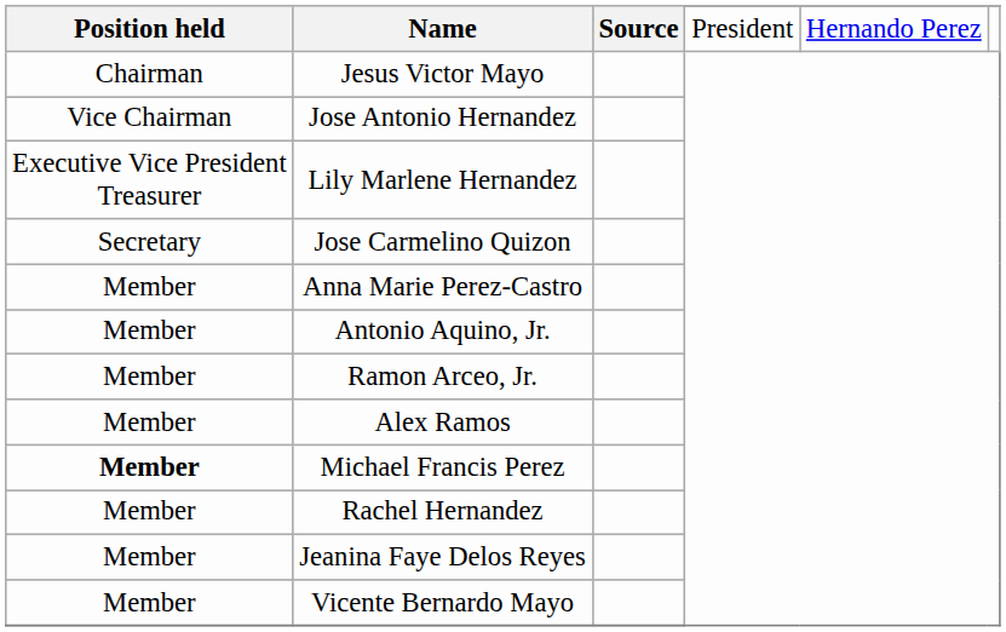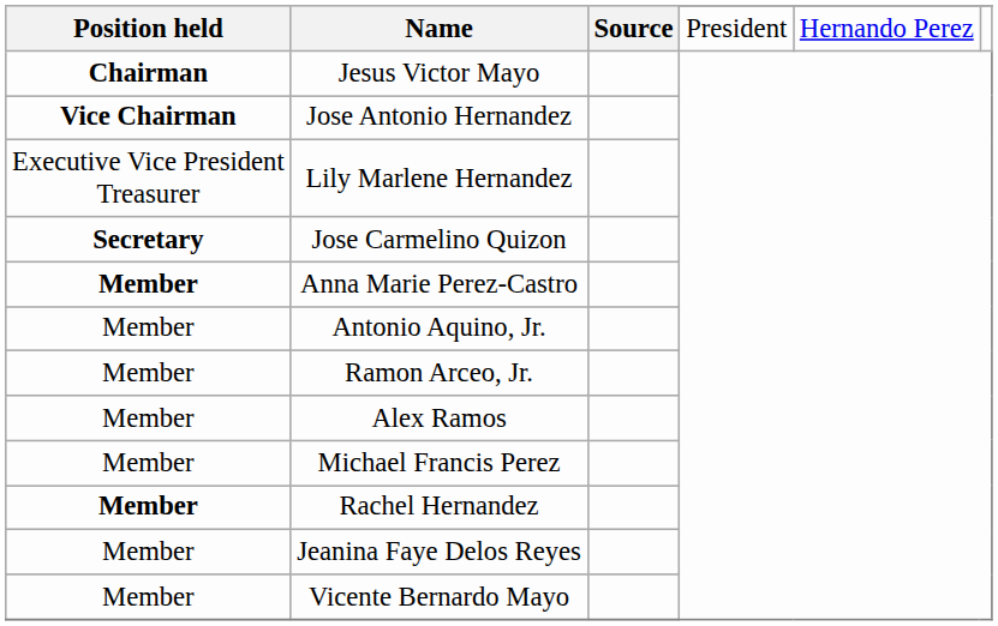 <table class="wikitable sortable" style="background-color:#FDFDFD;text-align:center;font-size:90%;border:1pt solid grey;">
 <tr>
 <th rowspan="2">Position held</th>
 <th rowspan="2">Name</th>
 <th rowspan="2">Source</th>
 </tr>
 <tr>
 <td>President</td>
 <td><a href='#'>Hernando Perez</a></td>
 <td></td>
 </tr>
 <tr>
-<td>Chairman</td>
+<td><strong>Chairman</strong></td>
 <td>Jesus Victor Mayo</td>
 <td></td>
 </tr>
 <tr>
-<td>Vice Chairman</td>
+<td><strong>Vice Chairman</strong></td>
 <td>Jose Antonio Hernandez</td>
 <td></td>
 </tr>
 <tr>
 <td>Executive Vice President <br> Treasurer</td>
 <td>Lily Marlene Hernandez</td>
 <td></td>
 </tr>
 <tr>
-<td>Secretary</td>
+<td><strong>Secretary</strong></td>
 <td>Jose Carmelino Quizon</td>
 <td></td>
 </tr>
 <tr>
-<td>Member</td>
+<td><strong>Member</strong></td>
 <td>Anna Marie Perez-Castro</td>
 <td></td>
 </tr>
 <tr>
 <td>Member</td>
 <td>Antonio Aquino, Jr.</td>
 <td></td>
 </tr>
 <tr>
 <td>Member</td>
 <td>Ramon Arceo, Jr.</td>
 <td></td>
 </tr>
 <tr>
 <td>Member</td>
 <td>Alex Ramos</td>
 <td></td>
 </tr>
 <tr>
-<td><strong>Member</strong></td>
+<td>Member</td>
 <td>Michael Francis Perez</td>
 <td></td>
 </tr>
 <tr>
-<td>Member</td>
+<td><strong>Member</strong></td>
 <td>Rachel Hernandez</td>
 <td></td>
 </tr>
 <tr>
 <td>Member</td>
 <td>Jeanina Faye Delos Reyes</td>
 <td></td>
 </tr>
 <tr>
 <td>Member</td>
 <td>Vicente Bernardo Mayo</td>
 <td></td>
 </tr>
 <tr>
 </tr>
 </table>
